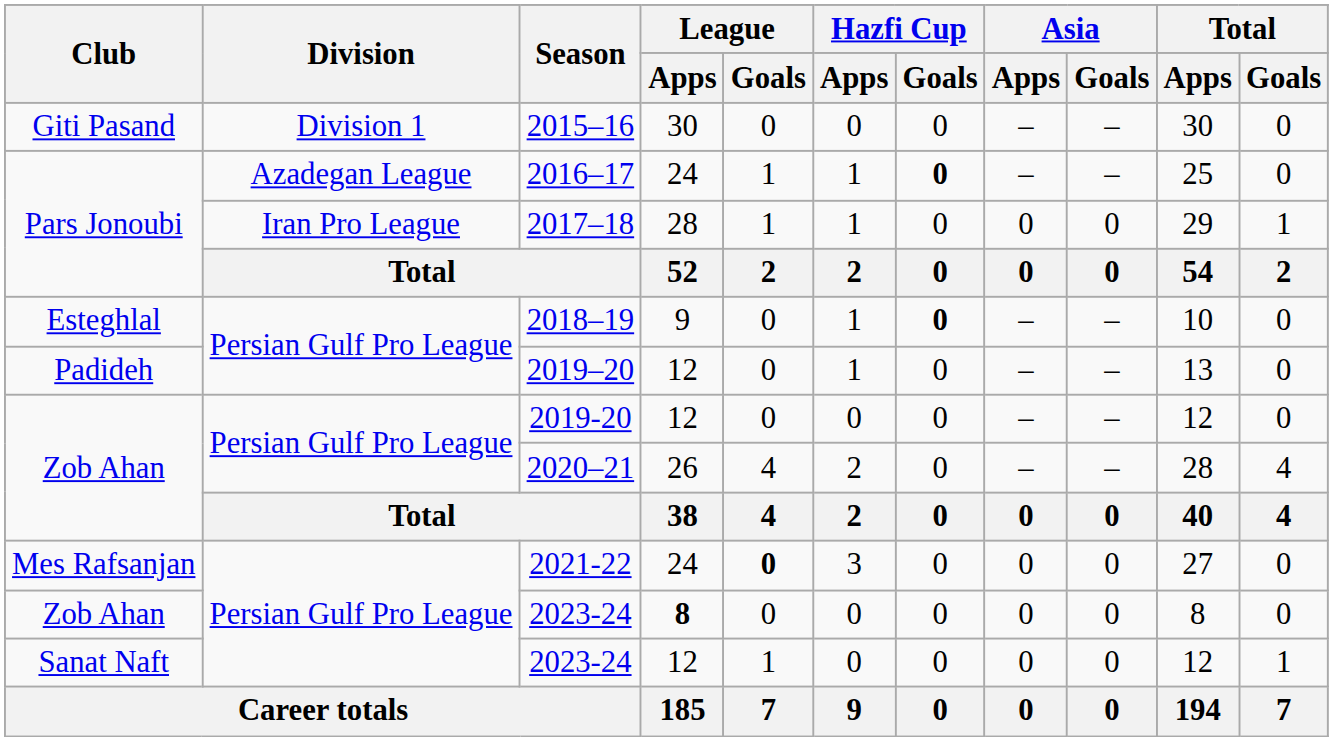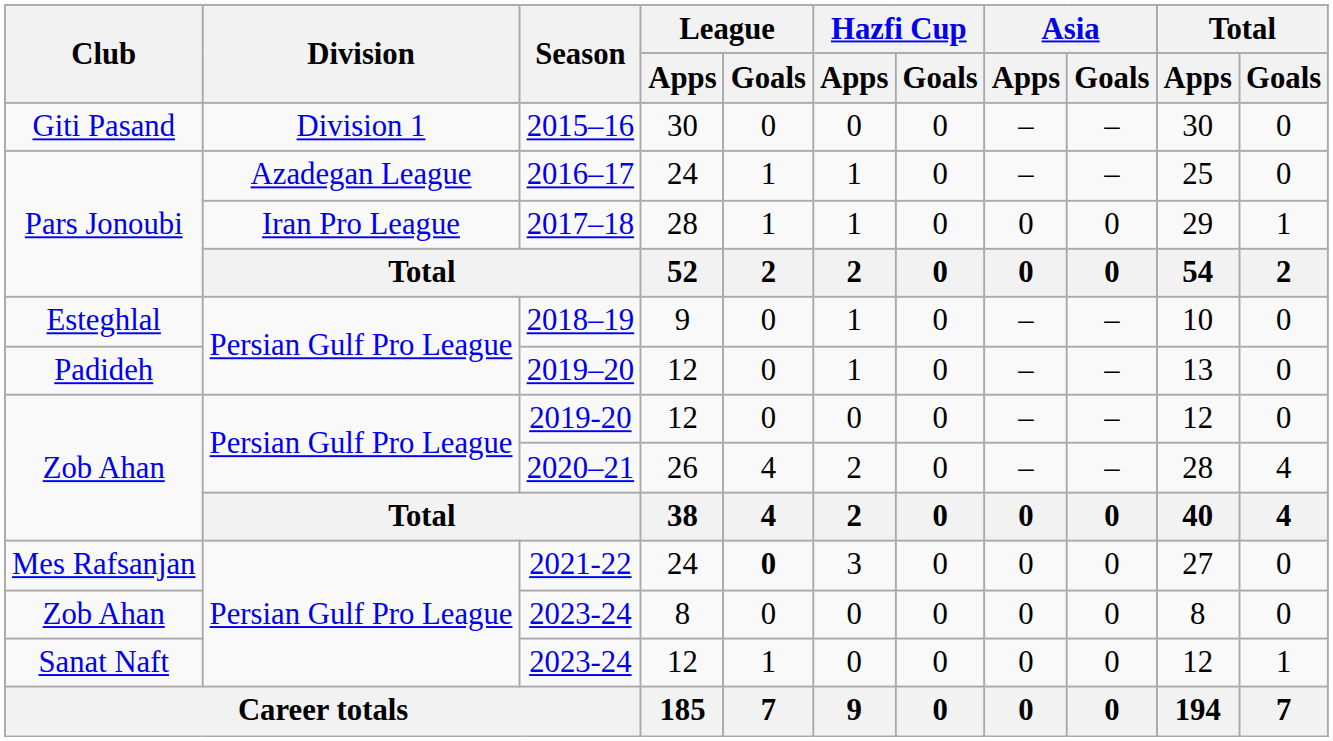 <table class="wikitable" style="text-align: center;">
 <tr>
 <th rowspan="2">Club</th>
 <th rowspan="2">Division</th>
 <th rowspan="2">Season</th>
 <th colspan="2">League</th>
 <th colspan="2"><a href='#'>Hazfi Cup</a></th>
 <th colspan="2"><a href='#'>Asia</a></th>
 <th colspan="2">Total</th>
 </tr>
 <tr>
 <th>Apps</th>
 <th>Goals</th>
 <th>Apps</th>
 <th>Goals</th>
 <th>Apps</th>
 <th>Goals</th>
 <th>Apps</th>
 <th>Goals</th>
 </tr>
 <tr>
 <td><a href='#'>Giti Pasand</a></td>
 <td><a href='#'>Division 1</a></td>
 <td><a href='#'>2015–16</a></td>
 <td>30</td>
 <td>0</td>
 <td>0</td>
 <td>0</td>
 <td>–</td>
 <td>–</td>
 <td>30</td>
 <td>0</td>
 </tr>
 <tr>
 <td rowspan="3"><a href='#'>Pars Jonoubi</a></td>
 <td><a href='#'>Azadegan League</a></td>
 <td><a href='#'>2016–17</a></td>
 <td>24</td>
 <td>1</td>
 <td>1</td>
-<td><strong>0</strong></td>
+<td>0</td>
 <td>–</td>
 <td>–</td>
 <td>25</td>
 <td>0</td>
 </tr>
 <tr>
 <td><a href='#'>Iran Pro League</a></td>
 <td><a href='#'>2017–18</a></td>
 <td>28</td>
 <td>1</td>
 <td>1</td>
 <td>0</td>
 <td>0</td>
 <td>0</td>
 <td>29</td>
 <td>1</td>
 </tr>
 <tr>
 <th Colspan=2>Total</th>
 <th>52</th>
 <th>2</th>
 <th>2</th>
 <th>0</th>
 <th>0</th>
 <th>0</th>
 <th>54</th>
 <th>2</th>
 </tr>
 <tr>
 <td rowspan="1"><a href='#'>Esteghlal</a></td>
 <td rowspan="2"><a href='#'>Persian Gulf Pro League</a></td>
 <td><a href='#'>2018–19</a></td>
 <td>9</td>
 <td>0</td>
 <td>1</td>
-<td><strong>0</strong></td>
+<td>0</td>
 <td>–</td>
 <td>–</td>
 <td>10</td>
 <td>0</td>
 </tr>
 <tr>
 <td><a href='#'>Padideh</a></td>
 <td><a href='#'>2019–20</a></td>
 <td>12</td>
 <td>0</td>
 <td>1</td>
 <td>0</td>
 <td>–</td>
 <td>–</td>
 <td>13</td>
 <td>0</td>
 </tr>
 <tr>
 <td rowspan="3"><a href='#'>Zob Ahan</a></td>
 <td rowspan="2"><a href='#'>Persian Gulf Pro League</a></td>
 <td><a href='#'>2019-20</a></td>
 <td>12</td>
 <td>0</td>
 <td>0</td>
 <td>0</td>
 <td>–</td>
 <td>–</td>
 <td>12</td>
 <td>0</td>
 </tr>
 <tr>
 <td><a href='#'>2020–21</a></td>
 <td>26</td>
 <td>4</td>
 <td>2</td>
 <td>0</td>
 <td>–</td>
 <td>–</td>
 <td>28</td>
 <td>4</td>
 </tr>
 <tr>
 <th colspan=2>Total</th>
 <th>38</th>
 <th>4</th>
 <th>2</th>
 <th>0</th>
 <th>0</th>
 <th>0</th>
 <th>40</th>
 <th>4</th>
 </tr>
 <tr>
 <td><a href='#'>Mes Rafsanjan</a></td>
 <td rowspan="3"><a href='#'>Persian Gulf Pro League</a></td>
 <td><a href='#'>2021-22</a></td>
 <td>24</td>
 <td><strong>0</strong></td>
 <td>3</td>
 <td>0</td>
 <td>0</td>
 <td>0</td>
 <td>27</td>
 <td>0</td>
 </tr>
 <tr>
 <td><a href='#'>Zob Ahan</a></td>
 <td><a href='#'>2023-24</a></td>
-<td><strong>8</strong></td>
+<td>8</td>
 <td>0</td>
 <td>0</td>
 <td>0</td>
 <td>0</td>
 <td>0</td>
 <td>8</td>
 <td>0</td>
 </tr>
 <tr>
 <td><a href='#'>Sanat Naft</a></td>
 <td><a href='#'>2023-24</a></td>
 <td>12</td>
 <td>1</td>
 <td>0</td>
 <td>0</td>
 <td>0</td>
 <td>0</td>
 <td>12</td>
 <td>1</td>
 </tr>
 <tr>
 <th colspan=3>Career totals</th>
 <th>185</th>
 <th>7</th>
 <th>9</th>
 <th>0</th>
 <th>0</th>
 <th>0</th>
 <th>194</th>
 <th>7</th>
 </tr>
 </table>
